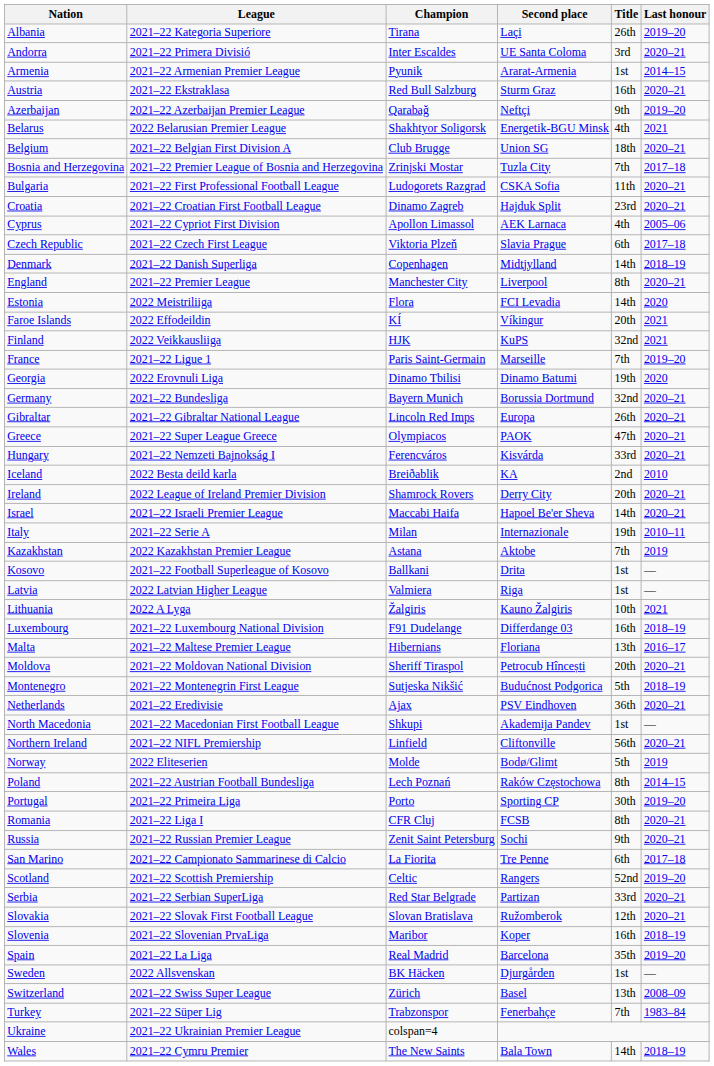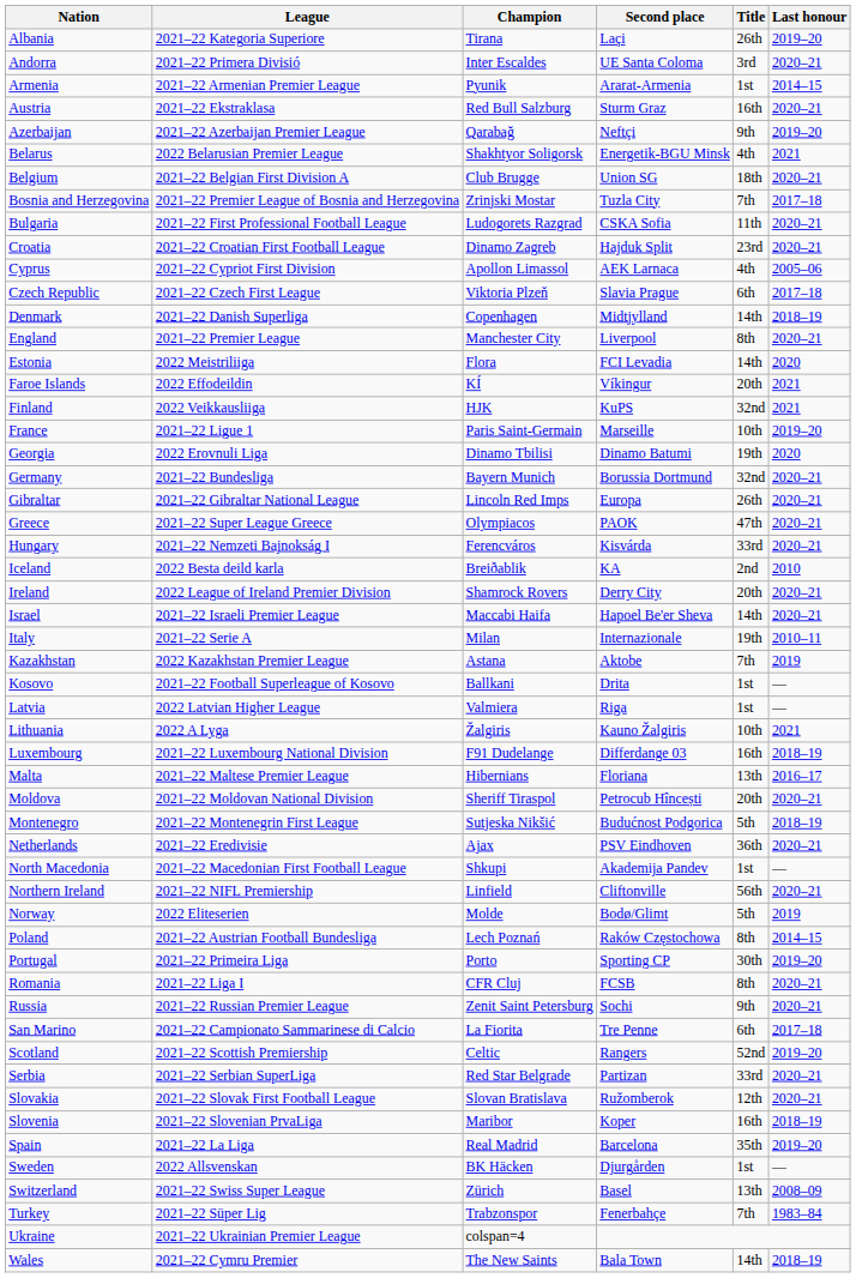 <table class=wikitable style="font-size:14px">
 <tr>
 <th>Nation</th>
 <th>League</th>
 <th>Champion</th>
 <th>Second place</th>
 <th data-sort-type="number">Title</th>
 <th>Last honour</th>
 </tr>
 <tr>
 <td align=left> <a href='#'>Albania</a></td>
 <td align=left><a href='#'>2021–22 Kategoria Superiore</a></td>
 <td><a href='#'>Tirana</a></td>
 <td><a href='#'>Laçi</a></td>
 <td>26th</td>
 <td><a href='#'>2019–20</a></td>
 </tr>
 <tr>
 <td align=left> <a href='#'>Andorra</a></td>
 <td align=left><a href='#'>2021–22 Primera Divisió</a></td>
 <td><a href='#'>Inter Escaldes</a></td>
 <td><a href='#'>UE Santa Coloma</a></td>
 <td>3rd</td>
 <td><a href='#'>2020–21</a></td>
 </tr>
 <tr>
 <td align=left> <a href='#'>Armenia</a></td>
 <td align=left><a href='#'>2021–22 Armenian Premier League</a></td>
 <td><a href='#'>Pyunik</a></td>
 <td><a href='#'>Ararat-Armenia</a></td>
 <td>1st</td>
 <td><a href='#'>2014–15</a></td>
 </tr>
 <tr>
 <td align=left> <a href='#'>Austria</a></td>
 <td align=left><a href='#'>2021–22 Ekstraklasa</a></td>
 <td><a href='#'>Red Bull Salzburg</a></td>
 <td><a href='#'>Sturm Graz</a></td>
 <td>16th</td>
 <td><a href='#'>2020–21</a></td>
 </tr>
 <tr>
 <td align=left> <a href='#'>Azerbaijan</a></td>
 <td align=left><a href='#'>2021–22 Azerbaijan Premier League</a></td>
 <td><a href='#'>Qarabağ</a></td>
 <td><a href='#'>Neftçi</a></td>
 <td>9th</td>
 <td><a href='#'>2019–20</a></td>
 </tr>
 <tr>
 <td align=left> <a href='#'>Belarus</a></td>
 <td align=left><a href='#'>2022 Belarusian Premier League</a></td>
 <td><a href='#'>Shakhtyor Soligorsk</a></td>
 <td><a href='#'>Energetik-BGU Minsk</a></td>
 <td>4th</td>
 <td><a href='#'>2021</a></td>
 </tr>
 <tr>
 <td align=left> <a href='#'>Belgium</a></td>
 <td align=left><a href='#'>2021–22 Belgian First Division A</a></td>
 <td><a href='#'>Club Brugge</a></td>
 <td><a href='#'>Union SG</a></td>
 <td>18th</td>
 <td><a href='#'>2020–21</a></td>
 </tr>
 <tr>
 <td align=left> <a href='#'>Bosnia and Herzegovina</a></td>
 <td align=left><a href='#'>2021–22 Premier League of Bosnia and Herzegovina</a></td>
 <td><a href='#'>Zrinjski Mostar</a></td>
 <td><a href='#'>Tuzla City</a></td>
 <td>7th</td>
 <td><a href='#'>2017–18</a></td>
 </tr>
 <tr>
 <td align=left> <a href='#'>Bulgaria</a></td>
 <td align=left><a href='#'>2021–22 First Professional Football League</a></td>
 <td><a href='#'>Ludogorets Razgrad</a></td>
 <td><a href='#'>CSKA Sofia</a></td>
 <td>11th</td>
 <td><a href='#'>2020–21</a></td>
 </tr>
 <tr>
 <td align=left> <a href='#'>Croatia</a></td>
 <td align=left><a href='#'>2021–22 Croatian First Football League</a></td>
 <td><a href='#'>Dinamo Zagreb</a></td>
 <td><a href='#'>Hajduk Split</a></td>
 <td>23rd</td>
 <td><a href='#'>2020–21</a></td>
 </tr>
 <tr>
 <td align=left> <a href='#'>Cyprus</a></td>
 <td align=left><a href='#'>2021–22 Cypriot First Division</a></td>
 <td><a href='#'>Apollon Limassol</a></td>
 <td><a href='#'>AEK Larnaca</a></td>
 <td>4th</td>
 <td><a href='#'>2005–06</a></td>
 </tr>
 <tr>
 <td align=left> <a href='#'>Czech Republic</a></td>
 <td align=left><a href='#'>2021–22 Czech First League</a></td>
 <td><a href='#'>Viktoria Plzeň</a></td>
 <td><a href='#'>Slavia Prague</a></td>
 <td>6th</td>
 <td><a href='#'>2017–18</a></td>
 </tr>
 <tr>
 <td align=left> <a href='#'>Denmark</a></td>
 <td align=left><a href='#'>2021–22 Danish Superliga</a></td>
 <td><a href='#'>Copenhagen</a></td>
 <td><a href='#'>Midtjylland</a></td>
 <td>14th</td>
 <td><a href='#'>2018–19</a></td>
 </tr>
 <tr>
 <td align=left> <a href='#'>England</a></td>
 <td align=left><a href='#'>2021–22 Premier League</a></td>
 <td><a href='#'>Manchester City</a></td>
 <td><a href='#'>Liverpool</a></td>
 <td>8th</td>
 <td><a href='#'>2020–21</a></td>
 </tr>
 <tr>
 <td align=left> <a href='#'>Estonia</a></td>
 <td align=left><a href='#'>2022 Meistriliiga</a></td>
 <td><a href='#'>Flora</a></td>
 <td><a href='#'>FCI Levadia</a></td>
 <td>14th</td>
 <td><a href='#'>2020</a></td>
 </tr>
 <tr>
 <td align=left> <a href='#'>Faroe Islands</a></td>
 <td align=left><a href='#'>2022 Effodeildin</a></td>
 <td><a href='#'>KÍ</a></td>
 <td><a href='#'>Víkingur</a></td>
 <td>20th</td>
 <td><a href='#'>2021</a></td>
 </tr>
 <tr>
 <td align=left> <a href='#'>Finland</a></td>
 <td align=left><a href='#'>2022 Veikkausliiga</a></td>
 <td><a href='#'>HJK</a></td>
 <td><a href='#'>KuPS</a></td>
 <td>32nd</td>
 <td><a href='#'>2021</a></td>
 </tr>
 <tr>
 <td align=left> <a href='#'>France</a></td>
 <td align=left><a href='#'>2021–22 Ligue 1</a></td>
 <td><a href='#'>Paris Saint-Germain</a></td>
 <td><a href='#'>Marseille</a></td>
-<td>7th</td>
+<td>10th</td>
 <td><a href='#'>2019–20</a></td>
 </tr>
 <tr>
 <td align=left> <a href='#'>Georgia</a></td>
 <td align=left><a href='#'>2022 Erovnuli Liga</a></td>
 <td><a href='#'>Dinamo Tbilisi</a></td>
 <td><a href='#'>Dinamo Batumi</a></td>
 <td>19th</td>
 <td><a href='#'>2020</a></td>
 </tr>
 <tr>
 <td align=left> <a href='#'>Germany</a></td>
 <td align=left><a href='#'>2021–22 Bundesliga</a></td>
 <td><a href='#'>Bayern Munich</a></td>
 <td><a href='#'>Borussia Dortmund</a></td>
 <td>32nd</td>
 <td><a href='#'>2020–21</a></td>
 </tr>
 <tr>
 <td align=left> <a href='#'>Gibraltar</a></td>
 <td align=left><a href='#'>2021–22 Gibraltar National League</a></td>
 <td><a href='#'>Lincoln Red Imps</a></td>
 <td><a href='#'>Europa</a></td>
 <td>26th</td>
 <td><a href='#'>2020–21</a></td>
 </tr>
 <tr>
 <td align=left> <a href='#'>Greece</a></td>
 <td align=left><a href='#'>2021–22 Super League Greece</a></td>
 <td><a href='#'>Olympiacos</a></td>
 <td><a href='#'>PAOK</a></td>
 <td>47th</td>
 <td><a href='#'>2020–21</a></td>
 </tr>
 <tr>
 <td align=left> <a href='#'>Hungary</a></td>
 <td align=left><a href='#'>2021–22 Nemzeti Bajnokság I</a></td>
 <td><a href='#'>Ferencváros</a></td>
 <td><a href='#'>Kisvárda</a></td>
 <td>33rd</td>
 <td><a href='#'>2020–21</a></td>
 </tr>
 <tr>
 <td align=left> <a href='#'>Iceland</a></td>
 <td align=left><a href='#'>2022 Besta deild karla</a></td>
 <td><a href='#'>Breiðablik</a></td>
 <td><a href='#'>KA</a></td>
 <td>2nd</td>
 <td><a href='#'>2010</a></td>
 </tr>
 <tr>
 <td align=left> <a href='#'>Ireland</a></td>
 <td align=left><a href='#'>2022 League of Ireland Premier Division</a></td>
 <td><a href='#'>Shamrock Rovers</a></td>
 <td><a href='#'>Derry City</a></td>
 <td>20th</td>
 <td><a href='#'>2020–21</a></td>
 </tr>
 <tr>
 <td align=left> <a href='#'>Israel</a></td>
 <td align=left><a href='#'>2021–22 Israeli Premier League</a></td>
 <td><a href='#'>Maccabi Haifa</a></td>
 <td><a href='#'>Hapoel Be'er Sheva</a></td>
 <td>14th</td>
 <td><a href='#'>2020–21</a></td>
 </tr>
 <tr>
 <td align=left> <a href='#'>Italy</a></td>
 <td align=left><a href='#'>2021–22 Serie A</a></td>
 <td><a href='#'>Milan</a></td>
 <td><a href='#'>Internazionale</a></td>
 <td>19th</td>
 <td><a href='#'>2010–11</a></td>
 </tr>
 <tr>
 <td align=left> <a href='#'>Kazakhstan</a></td>
 <td align=left><a href='#'>2022 Kazakhstan Premier League</a></td>
 <td><a href='#'>Astana</a></td>
 <td><a href='#'>Aktobe</a></td>
 <td>7th</td>
 <td><a href='#'>2019</a></td>
 </tr>
 <tr>
 <td align=left> <a href='#'>Kosovo</a></td>
 <td align=left><a href='#'>2021–22 Football Superleague of Kosovo</a></td>
 <td><a href='#'>Ballkani</a></td>
 <td><a href='#'>Drita</a></td>
 <td>1st</td>
 <td>—</td>
 </tr>
 <tr>
 <td align=left> <a href='#'>Latvia</a></td>
 <td align=left><a href='#'>2022 Latvian Higher League</a></td>
 <td><a href='#'>Valmiera</a></td>
 <td><a href='#'>Riga</a></td>
 <td>1st</td>
 <td>—</td>
 </tr>
 <tr>
 <td align=left> <a href='#'>Lithuania</a></td>
 <td align=left><a href='#'>2022 A Lyga</a></td>
 <td><a href='#'>Žalgiris</a></td>
 <td><a href='#'>Kauno Žalgiris</a></td>
 <td>10th</td>
 <td><a href='#'>2021</a></td>
 </tr>
 <tr>
 <td align=left> <a href='#'>Luxembourg</a></td>
 <td align=left><a href='#'>2021–22 Luxembourg National Division</a></td>
 <td><a href='#'>F91 Dudelange</a></td>
 <td><a href='#'>Differdange 03</a></td>
 <td>16th</td>
 <td><a href='#'>2018–19</a></td>
 </tr>
 <tr>
 <td align=left> <a href='#'>Malta</a></td>
 <td align=left><a href='#'>2021–22 Maltese Premier League</a></td>
 <td><a href='#'>Hibernians</a></td>
 <td><a href='#'>Floriana</a></td>
 <td>13th</td>
 <td><a href='#'>2016–17</a></td>
 </tr>
 <tr>
 <td align=left> <a href='#'>Moldova</a></td>
 <td align=left><a href='#'>2021–22 Moldovan National Division</a></td>
 <td><a href='#'>Sheriff Tiraspol</a></td>
 <td><a href='#'>Petrocub Hîncești</a></td>
 <td>20th</td>
 <td><a href='#'>2020–21</a></td>
 </tr>
 <tr>
 <td align=left> <a href='#'>Montenegro</a></td>
 <td align=left><a href='#'>2021–22 Montenegrin First League</a></td>
 <td><a href='#'>Sutjeska Nikšić</a></td>
 <td><a href='#'>Budućnost Podgorica</a></td>
 <td>5th</td>
 <td><a href='#'>2018–19</a></td>
 </tr>
 <tr>
 <td align=left> <a href='#'>Netherlands</a></td>
 <td align=left><a href='#'>2021–22 Eredivisie</a></td>
 <td><a href='#'>Ajax</a></td>
 <td><a href='#'>PSV Eindhoven</a></td>
 <td>36th</td>
 <td><a href='#'>2020–21</a></td>
 </tr>
 <tr>
 <td align=left> <a href='#'>North Macedonia</a></td>
 <td align=left><a href='#'>2021–22 Macedonian First Football League</a></td>
 <td><a href='#'>Shkupi</a></td>
 <td><a href='#'>Akademija Pandev</a></td>
 <td>1st</td>
 <td>—</td>
 </tr>
 <tr>
 <td align=left> <a href='#'>Northern Ireland</a></td>
 <td align=left><a href='#'>2021–22 NIFL Premiership</a></td>
 <td><a href='#'>Linfield</a></td>
 <td><a href='#'>Cliftonville</a></td>
 <td>56th</td>
 <td><a href='#'>2020–21</a></td>
 </tr>
 <tr>
 <td align=left> <a href='#'>Norway</a></td>
 <td align=left><a href='#'>2022 Eliteserien</a></td>
 <td><a href='#'>Molde</a></td>
 <td><a href='#'>Bodø/Glimt</a></td>
 <td>5th</td>
 <td><a href='#'>2019</a></td>
 </tr>
 <tr>
 <td align=left> <a href='#'>Poland</a></td>
 <td align=left><a href='#'>2021–22 Austrian Football Bundesliga</a></td>
 <td><a href='#'>Lech Poznań</a></td>
 <td><a href='#'>Raków Częstochowa</a></td>
 <td>8th</td>
 <td><a href='#'>2014–15</a></td>
 </tr>
 <tr>
 <td align=left> <a href='#'>Portugal</a></td>
 <td align=left><a href='#'>2021–22 Primeira Liga</a></td>
 <td><a href='#'>Porto</a></td>
 <td><a href='#'>Sporting CP</a></td>
 <td>30th</td>
 <td><a href='#'>2019–20</a></td>
 </tr>
 <tr>
 <td align=left> <a href='#'>Romania</a></td>
 <td align=left><a href='#'>2021–22 Liga I</a></td>
 <td><a href='#'>CFR Cluj</a></td>
 <td><a href='#'>FCSB</a></td>
 <td>8th</td>
 <td><a href='#'>2020–21</a></td>
 </tr>
 <tr>
 <td align=left> <a href='#'>Russia</a></td>
 <td align=left><a href='#'>2021–22 Russian Premier League</a></td>
 <td><a href='#'>Zenit Saint Petersburg</a></td>
 <td><a href='#'>Sochi</a></td>
 <td>9th</td>
 <td><a href='#'>2020–21</a></td>
 </tr>
 <tr>
 <td align=left> <a href='#'>San Marino</a></td>
 <td align=left><a href='#'>2021–22 Campionato Sammarinese di Calcio</a></td>
 <td><a href='#'>La Fiorita</a></td>
 <td><a href='#'>Tre Penne</a></td>
 <td>6th</td>
 <td><a href='#'>2017–18</a></td>
 </tr>
 <tr>
 <td align=left> <a href='#'>Scotland</a></td>
 <td align=left><a href='#'>2021–22 Scottish Premiership</a></td>
 <td><a href='#'>Celtic</a></td>
 <td><a href='#'>Rangers</a></td>
 <td>52nd</td>
 <td><a href='#'>2019–20</a></td>
 </tr>
 <tr>
 <td align=left> <a href='#'>Serbia</a></td>
 <td align=left><a href='#'>2021–22 Serbian SuperLiga</a></td>
 <td><a href='#'>Red Star Belgrade</a></td>
 <td><a href='#'>Partizan</a></td>
 <td>33rd</td>
 <td><a href='#'>2020–21</a></td>
 </tr>
 <tr>
 <td align=left> <a href='#'>Slovakia</a></td>
 <td align=left><a href='#'>2021–22 Slovak First Football League</a></td>
 <td><a href='#'>Slovan Bratislava</a></td>
 <td><a href='#'>Ružomberok</a></td>
 <td>12th</td>
 <td><a href='#'>2020–21</a></td>
 </tr>
 <tr>
 <td align=left> <a href='#'>Slovenia</a></td>
 <td align=left><a href='#'>2021–22 Slovenian PrvaLiga</a></td>
 <td><a href='#'>Maribor</a></td>
 <td><a href='#'>Koper</a></td>
 <td>16th</td>
 <td><a href='#'>2018–19</a></td>
 </tr>
 <tr>
 <td align=left> <a href='#'>Spain</a></td>
 <td align=left><a href='#'>2021–22 La Liga</a></td>
 <td><a href='#'>Real Madrid</a></td>
 <td><a href='#'>Barcelona</a></td>
 <td>35th</td>
 <td><a href='#'>2019–20</a></td>
 </tr>
 <tr>
 <td align=left> <a href='#'>Sweden</a></td>
 <td align=left><a href='#'>2022 Allsvenskan</a></td>
 <td><a href='#'>BK Häcken</a></td>
 <td><a href='#'>Djurgården</a></td>
 <td>1st</td>
 <td>—</td>
 </tr>
 <tr>
 <td align=left> <a href='#'>Switzerland</a></td>
 <td align=left><a href='#'>2021–22 Swiss Super League</a></td>
 <td><a href='#'>Zürich</a></td>
 <td><a href='#'>Basel</a></td>
 <td>13th</td>
 <td><a href='#'>2008–09</a></td>
 </tr>
 <tr>
 <td align=left> <a href='#'>Turkey</a></td>
 <td align=left><a href='#'>2021–22 Süper Lig</a></td>
 <td><a href='#'>Trabzonspor</a></td>
 <td><a href='#'>Fenerbahçe</a></td>
 <td>7th</td>
 <td><a href='#'>1983–84</a></td>
 </tr>
 <tr>
 <td align=left> <a href='#'>Ukraine</a></td>
 <td align=left><a href='#'>2021–22 Ukrainian Premier League</a></td>
 <td>colspan=4 </td>
 </tr>
 <tr>
 <td align=left> <a href='#'>Wales</a></td>
 <td align=left><a href='#'>2021–22 Cymru Premier</a></td>
 <td><a href='#'>The New Saints</a></td>
 <td><a href='#'>Bala Town</a></td>
 <td>14th</td>
 <td><a href='#'>2018–19</a></td>
 </tr>
 </table>
